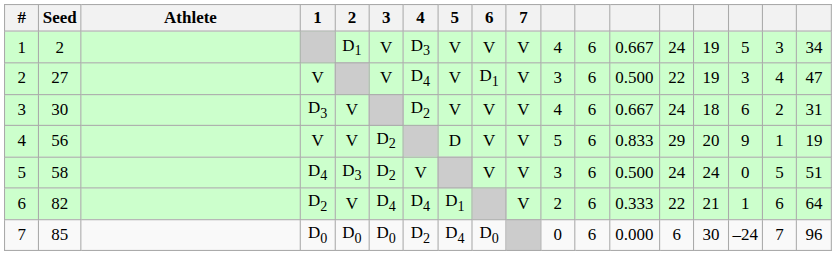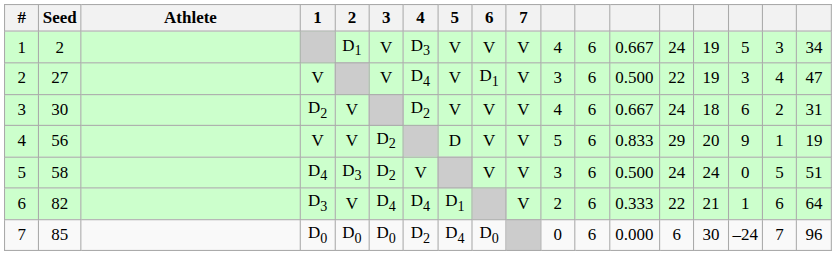 <table class="wikitable" style="text-align:center">
 <tr>
 <th width="25">#</th>
 <th width="25">Seed</th>
 <th width="200">Athlete</th>
 <th width="25">1</th>
 <th width="25">2</th>
 <th width="25">3</th>
 <th width="25">4</th>
 <th width="25">5</th>
 <th width="25">6</th>
 <th width="25">7</th>
 <th width="25"></th>
 <th width="25"></th>
 <th width="40"></th>
 <th width="25"></th>
 <th width="25"></th>
 <th width="25"></th>
 <th width="25"></th>
 <th width="25"></th>
 </tr>
 <tr bgcolor="ccffcc">
 <td>1</td>
 <td>2</td>
 <td align=left></td>
 <td bgcolor="#cccccc"></td>
 <td>D<sub>1</sub></td>
 <td>V</td>
 <td>D<sub>3</sub></td>
 <td>V</td>
 <td>V</td>
 <td>V</td>
 <td>4</td>
 <td>6</td>
 <td>0.667</td>
 <td>24</td>
 <td>19</td>
 <td>5</td>
 <td>3</td>
 <td>34</td>
 </tr>
 <tr bgcolor="ccffcc">
 <td>2</td>
 <td>27</td>
 <td align=left></td>
 <td>V</td>
 <td bgcolor="#cccccc"></td>
 <td>V</td>
 <td>D<sub>4</sub></td>
 <td>V</td>
 <td>D<sub>1</sub></td>
 <td>V</td>
 <td>3</td>
 <td>6</td>
 <td>0.500</td>
 <td>22</td>
 <td>19</td>
 <td>3</td>
 <td>4</td>
 <td>47</td>
 </tr>
 <tr bgcolor="ccffcc">
 <td>3</td>
 <td>30</td>
 <td align=left></td>
-<td>D<sub>3</sub></td>
+<td>D<sub>2</sub></td>
 <td>V</td>
 <td bgcolor="#cccccc"></td>
 <td>D<sub>2</sub></td>
 <td>V</td>
 <td>V</td>
 <td>V</td>
 <td>4</td>
 <td>6</td>
 <td>0.667</td>
 <td>24</td>
 <td>18</td>
 <td>6</td>
 <td>2</td>
 <td>31</td>
 </tr>
 <tr bgcolor="ccffcc">
 <td>4</td>
 <td>56</td>
 <td align=left></td>
 <td>V</td>
 <td>V</td>
 <td>D<sub>2</sub></td>
 <td bgcolor="#cccccc"></td>
 <td>D</td>
 <td>V</td>
 <td>V</td>
 <td>5</td>
 <td>6</td>
 <td>0.833</td>
 <td>29</td>
 <td>20</td>
 <td>9</td>
 <td>1</td>
 <td>19</td>
 </tr>
 <tr bgcolor="ccffcc">
 <td>5</td>
 <td>58</td>
 <td align=left></td>
 <td>D<sub>4</sub></td>
 <td>D<sub>3</sub></td>
 <td>D<sub>2</sub></td>
 <td>V</td>
 <td bgcolor="#cccccc"></td>
 <td>V</td>
 <td>V</td>
 <td>3</td>
 <td>6</td>
 <td>0.500</td>
 <td>24</td>
 <td>24</td>
 <td>0</td>
 <td>5</td>
 <td>51</td>
 </tr>
 <tr bgcolor="ccffcc">
 <td>6</td>
 <td>82</td>
 <td align=left></td>
-<td>D<sub>2</sub></td>
+<td>D<sub>3</sub></td>
 <td>V</td>
 <td>D<sub>4</sub></td>
 <td>D<sub>4</sub></td>
 <td>D<sub>1</sub></td>
 <td bgcolor="#cccccc"></td>
 <td>V</td>
 <td>2</td>
 <td>6</td>
 <td>0.333</td>
 <td>22</td>
 <td>21</td>
 <td>1</td>
 <td>6</td>
 <td>64</td>
 </tr>
 <tr>
 <td>7</td>
 <td>85</td>
 <td align=left></td>
 <td>D<sub>0</sub></td>
 <td>D<sub>0</sub></td>
 <td>D<sub>0</sub></td>
 <td>D<sub>2</sub></td>
 <td>D<sub>4</sub></td>
 <td>D<sub>0</sub></td>
 <td bgcolor="#cccccc"></td>
 <td>0</td>
 <td>6</td>
 <td>0.000</td>
 <td>6</td>
 <td>30</td>
 <td>–24</td>
 <td>7</td>
 <td>96</td>
 </tr>
 </table>
